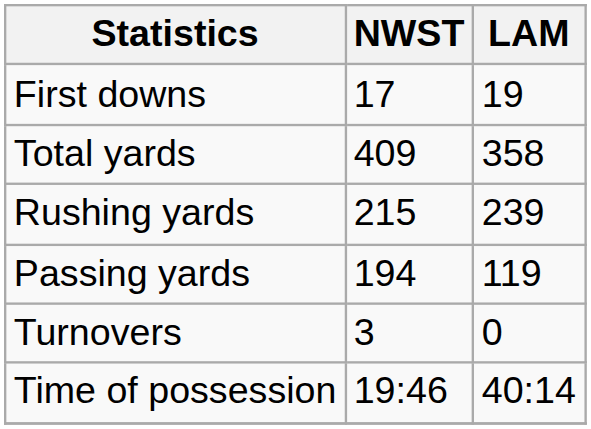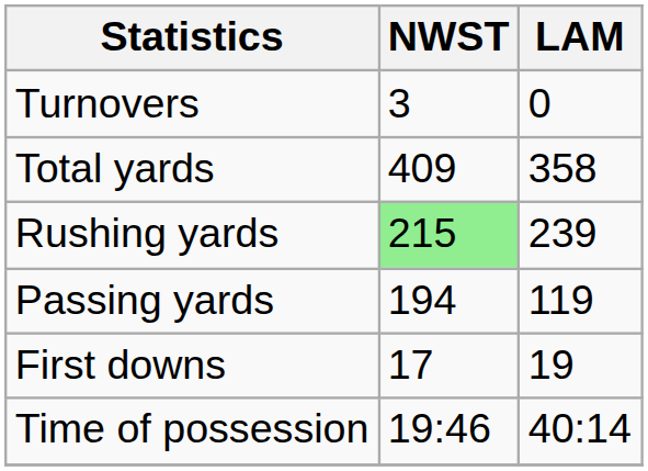 <table class="wikitable">
 <tr>
 <th>Statistics</th>
 <th>NWST</th>
 <th>LAM</th>
 </tr>
 <tr>
-<td>First downs</td>
-<td>17</td>
-<td>19</td>
+<td>Turnovers</td>
+<td>3</td>
+<td>0</td>
 </tr>
 <tr>
 <td>Total yards</td>
 <td>409</td>
 <td>358</td>
 </tr>
 <tr>
 <td>Rushing yards</td>
-<td>215</td>
+<td style="background: lightgreen;">215</td>
 <td>239</td>
 </tr>
 <tr>
 <td>Passing yards</td>
 <td>194</td>
 <td>119</td>
 </tr>
 <tr>
-<td>Turnovers</td>
-<td>3</td>
-<td>0</td>
+<td>First downs</td>
+<td>17</td>
+<td>19</td>
 </tr>
 <tr>
 <td>Time of possession</td>
 <td>19:46</td>
 <td>40:14</td>
 </tr>
 <tr>
 </tr>
 </table>
